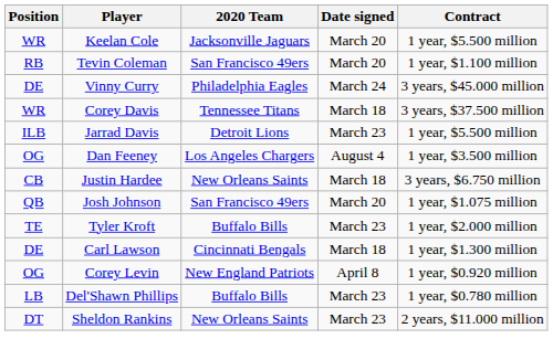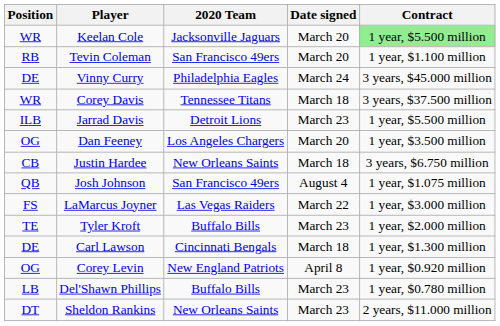 <table class="wikitable" style="text-align:center">
 <tr>
 <th>Position</th>
 <th>Player</th>
 <th>2020 Team</th>
 <th>Date signed</th>
 <th>Contract</th>
 </tr>
 <tr>
 <td><a href='#'>WR</a></td>
 <td><a href='#'>Keelan Cole</a></td>
 <td><a href='#'>Jacksonville Jaguars</a></td>
 <td>March 20</td>
-<td>1 year, $5.500 million</td>
+<td style="background: lightgreen;">1 year, $5.500 million</td>
 </tr>
 <tr>
 <td><a href='#'>RB</a></td>
 <td><a href='#'>Tevin Coleman</a></td>
 <td><a href='#'>San Francisco 49ers</a></td>
 <td>March 20</td>
 <td>1 year, $1.100 million</td>
 </tr>
 <tr>
 <td><a href='#'>DE</a></td>
 <td><a href='#'>Vinny Curry</a></td>
 <td><a href='#'>Philadelphia Eagles</a></td>
 <td>March 24</td>
 <td>3 years, $45.000 million</td>
 </tr>
 <tr>
 <td><a href='#'>WR</a></td>
 <td><a href='#'>Corey Davis</a></td>
 <td><a href='#'>Tennessee Titans</a></td>
 <td>March 18</td>
 <td>3 years, $37.500 million</td>
 </tr>
 <tr>
 <td><a href='#'>ILB</a></td>
 <td><a href='#'>Jarrad Davis</a></td>
 <td><a href='#'>Detroit Lions</a></td>
 <td>March 23</td>
 <td>1 year, $5.500 million</td>
 </tr>
 <tr>
 <td><a href='#'>OG</a></td>
 <td><a href='#'>Dan Feeney</a></td>
 <td><a href='#'>Los Angeles Chargers</a></td>
-<td>August 4</td>
+<td>March 20</td>
 <td>1 year, $3.500 million</td>
 </tr>
 <tr>
 <td><a href='#'>CB</a></td>
 <td><a href='#'>Justin Hardee</a></td>
 <td><a href='#'>New Orleans Saints</a></td>
 <td>March 18</td>
 <td>3 years, $6.750 million</td>
 </tr>
 <tr>
 <td><a href='#'>QB</a></td>
 <td><a href='#'>Josh Johnson</a></td>
 <td><a href='#'>San Francisco 49ers</a></td>
-<td>March 20</td>
+<td>August 4</td>
 <td>1 year, $1.075 million</td>
+</tr>
+<tr>
+<td><a href='#'>FS</a></td>
+<td><a href='#'>LaMarcus Joyner</a></td>
+<td><a href='#'>Las Vegas Raiders</a></td>
+<td>March 22</td>
+<td>1 year, $3.000 million</td>
 </tr>
 <tr>
 <td><a href='#'>TE</a></td>
 <td><a href='#'>Tyler Kroft</a></td>
 <td><a href='#'>Buffalo Bills</a></td>
 <td>March 23</td>
 <td>1 year, $2.000 million</td>
 </tr>
 <tr>
 <td><a href='#'>DE</a></td>
 <td><a href='#'>Carl Lawson</a></td>
 <td><a href='#'>Cincinnati Bengals</a></td>
 <td>March 18</td>
 <td>1 year, $1.300 million</td>
 </tr>
 <tr>
 <td><a href='#'>OG</a></td>
 <td><a href='#'>Corey Levin</a></td>
 <td><a href='#'>New England Patriots</a></td>
 <td>April 8</td>
 <td>1 year, $0.920 million</td>
 </tr>
 <tr>
 <td><a href='#'>LB</a></td>
 <td><a href='#'>Del'Shawn Phillips</a></td>
 <td><a href='#'>Buffalo Bills</a></td>
 <td>March 23</td>
 <td>1 year, $0.780 million</td>
 </tr>
 <tr>
 <td><a href='#'>DT</a></td>
 <td><a href='#'>Sheldon Rankins</a></td>
 <td><a href='#'>New Orleans Saints</a></td>
 <td>March 23</td>
 <td>2 years, $11.000 million</td>
 </tr>
 </table>
